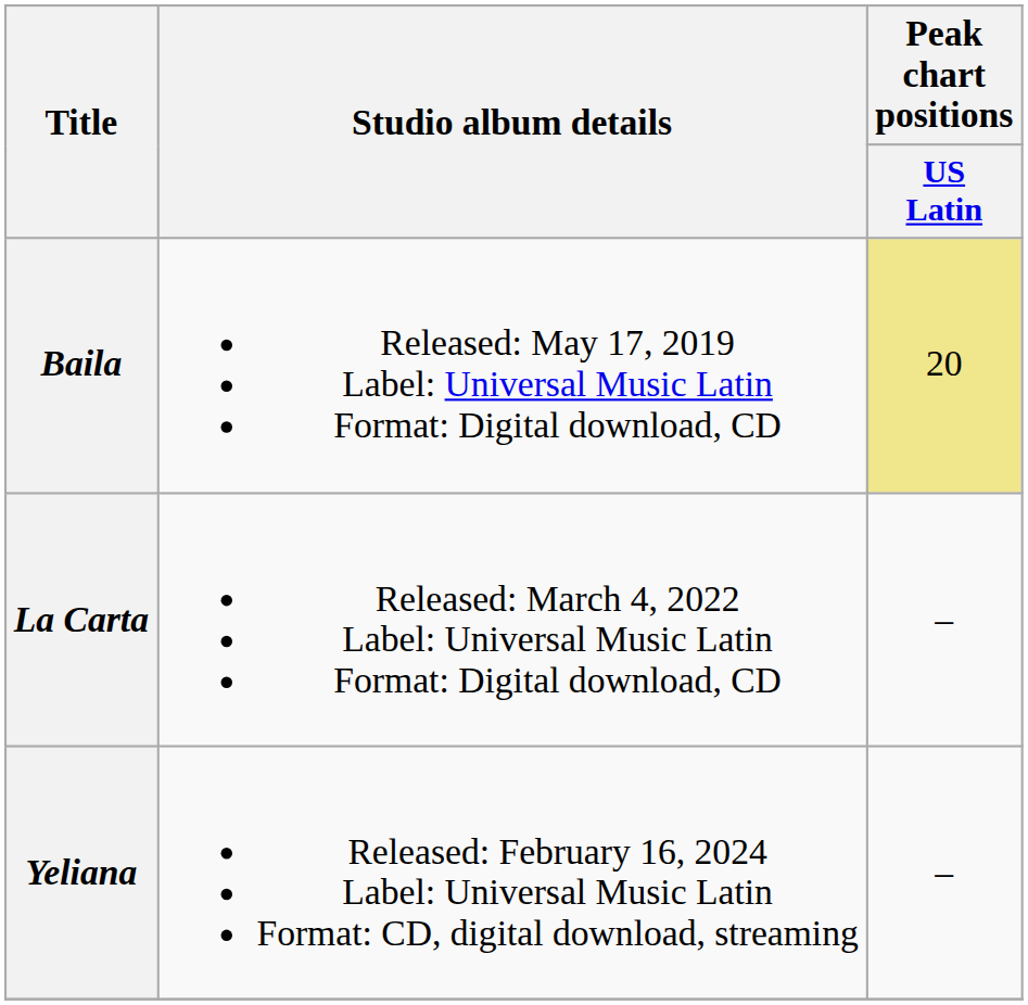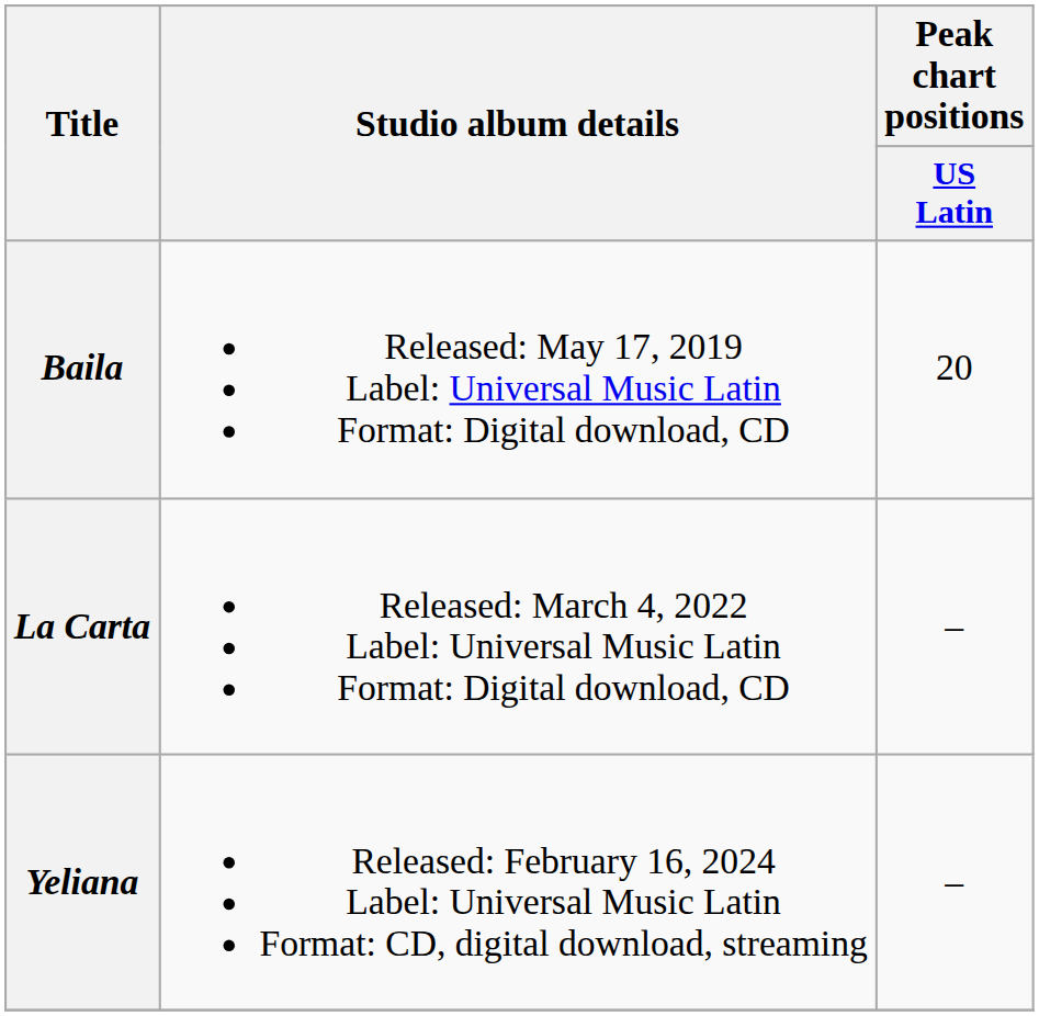 <table class="wikitable plainrowheaders" style="text-align:center;">
 <tr>
 <th rowspan="2" scope="col">Title</th>
 <th rowspan="2" scope="col">Studio album details</th>
 <th colspan="4">Peak chart positions</th>
 </tr>
 <tr>
 <th scope="col" style="width:3em;font-size:90%;"><a href='#'>US<br>Latin</a><br></th>
 </tr>
 <tr>
 <th scope="row"><em>Baila</em></th>
 <td><br><ul><li>Released: May 17, 2019</li><li>Label: <a href='#'>Universal Music Latin</a></li><li>Format: Digital download, CD</li></ul></td>
-<td style="background: khaki;">20</td>
+<td>20</td>
 </tr>
 <tr>
 <th scope="row"><em>La Carta</em></th>
 <td><br><ul><li>Released: March 4, 2022</li><li>Label: Universal Music Latin</li><li>Format: Digital download, CD</li></ul></td>
 <td>–</td>
 </tr>
 <tr>
 <th scope="row"><em>Yeliana</em></th>
 <td><br><ul><li>Released: February 16, 2024</li><li>Label: Universal Music Latin</li><li>Format: CD, digital download, streaming</li></ul></td>
 <td>–</td>
 </tr>
 <tr>
 </tr>
 </table>
